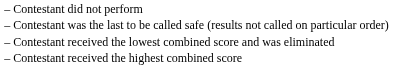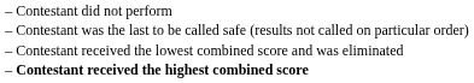 <table>
 <tr>
 <td> –</td>
 <td>Contestant did not perform</td>
 </tr>
 <tr>
 <td> –</td>
 <td>Contestant was the last to be called safe (results not called on particular order)</td>
 </tr>
 <tr>
 <td> –</td>
 <td>Contestant received the lowest combined score and was eliminated</td>
 </tr>
 <tr>
 <td> –</td>
-<td>Contestant received the highest combined score</td>
+<td><strong>Contestant received the highest combined score</strong></td>
 </tr>
 </table>
